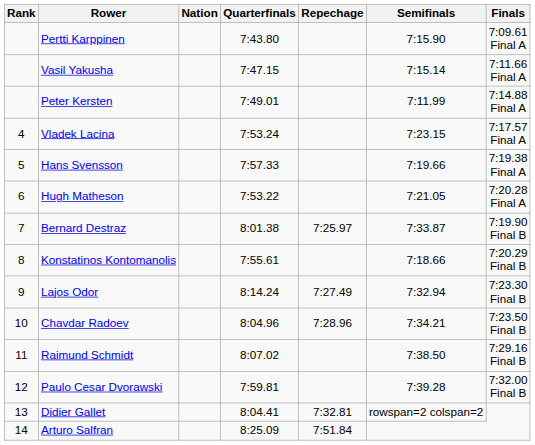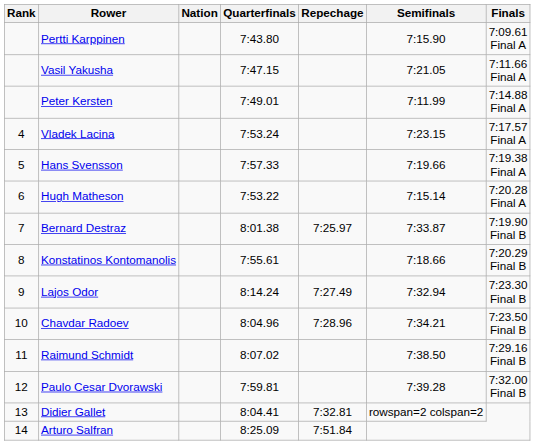 <table class="wikitable sortable" style="text-align:center">
 <tr>
 <th>Rank</th>
 <th>Rower</th>
 <th>Nation</th>
 <th>Quarterfinals</th>
 <th>Repechage</th>
 <th>Semifinals</th>
 <th>Finals</th>
 </tr>
 <tr>
 <td></td>
 <td align=left><a href='#'>Pertti Karppinen</a></td>
 <td align=left></td>
 <td>7:43.80</td>
 <td></td>
 <td>7:15.90</td>
 <td>7:09.61<br>Final A</td>
 </tr>
 <tr>
 <td></td>
 <td align=left><a href='#'>Vasil Yakusha</a></td>
 <td align=left></td>
 <td>7:47.15</td>
 <td></td>
-<td>7:15.14</td>
+<td>7:21.05</td>
 <td>7:11.66<br>Final A</td>
 </tr>
 <tr>
 <td></td>
 <td align=left><a href='#'>Peter Kersten</a></td>
 <td align=left></td>
 <td>7:49.01</td>
 <td></td>
 <td>7:11.99</td>
 <td>7:14.88<br>Final A</td>
 </tr>
 <tr>
 <td>4</td>
 <td align=left><a href='#'>Vladek Lacina</a></td>
 <td align=left></td>
 <td>7:53.24</td>
 <td></td>
 <td>7:23.15</td>
 <td>7:17.57<br>Final A</td>
 </tr>
 <tr>
 <td>5</td>
 <td align=left><a href='#'>Hans Svensson</a></td>
 <td align=left></td>
 <td>7:57.33</td>
 <td></td>
 <td>7:19.66</td>
 <td>7:19.38<br>Final A</td>
 </tr>
 <tr>
 <td>6</td>
 <td align=left><a href='#'>Hugh Matheson</a></td>
 <td align=left></td>
 <td>7:53.22</td>
 <td></td>
-<td>7:21.05</td>
+<td>7:15.14</td>
 <td>7:20.28<br>Final A</td>
 </tr>
 <tr>
 <td>7</td>
 <td align=left><a href='#'>Bernard Destraz</a></td>
 <td align=left></td>
 <td>8:01.38</td>
 <td>7:25.97</td>
 <td>7:33.87</td>
 <td>7:19.90<br>Final B</td>
 </tr>
 <tr>
 <td>8</td>
 <td align=left><a href='#'>Konstatinos Kontomanolis</a></td>
 <td align=left></td>
 <td>7:55.61</td>
 <td></td>
 <td>7:18.66</td>
 <td>7:20.29<br>Final B</td>
 </tr>
 <tr>
 <td>9</td>
 <td align=left><a href='#'>Lajos Odor</a></td>
 <td align=left></td>
 <td>8:14.24</td>
 <td>7:27.49</td>
 <td>7:32.94</td>
 <td>7:23.30<br>Final B</td>
 </tr>
 <tr>
 <td>10</td>
 <td align=left><a href='#'>Chavdar Radoev</a></td>
 <td align=left></td>
 <td>8:04.96</td>
 <td>7:28.96</td>
 <td>7:34.21</td>
 <td>7:23.50<br>Final B</td>
 </tr>
 <tr>
 <td>11</td>
 <td align=left><a href='#'>Raimund Schmidt</a></td>
 <td align=left></td>
 <td>8:07.02</td>
 <td></td>
 <td>7:38.50</td>
 <td>7:29.16<br>Final B</td>
 </tr>
 <tr>
 <td>12</td>
 <td align=left><a href='#'>Paulo Cesar Dvorawski</a></td>
 <td align=left></td>
 <td>7:59.81</td>
 <td></td>
 <td>7:39.28</td>
 <td>7:32.00<br>Final B</td>
 </tr>
 <tr>
 <td>13</td>
 <td align=left><a href='#'>Didier Gallet</a></td>
 <td align=left></td>
 <td>8:04.41</td>
 <td>7:32.81</td>
 <td>rowspan=2 colspan=2 </td>
 </tr>
 <tr>
 <td>14</td>
 <td align=left><a href='#'>Arturo Salfran</a></td>
 <td align=left></td>
 <td>8:25.09</td>
 <td>7:51.84</td>
 </tr>
 </table>
